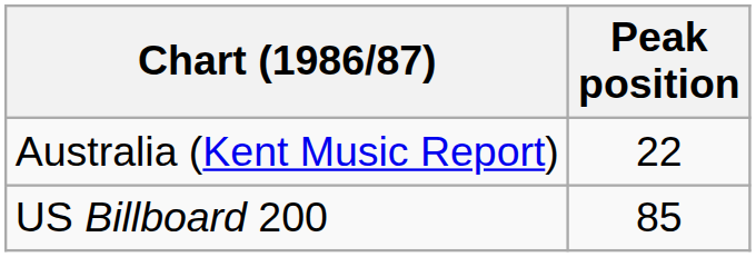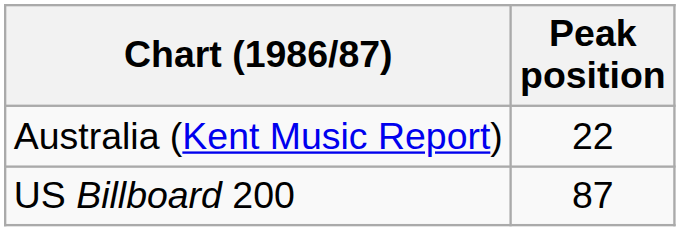 <table class="wikitable">
 <tr>
 <th scope="col">Chart (1986/87)</th>
 <th>Peak<br>position</th>
 </tr>
 <tr>
 <td>Australia (<a href='#'>Kent Music Report</a>)</td>
 <td style="text-align:center;">22</td>
 </tr>
 <tr>
 <td scope="row">US <em>Billboard</em> 200</td>
-<td style="text-align:center;">85</td>
+<td style="text-align:center;">87</td>
 </tr>
 </table>
